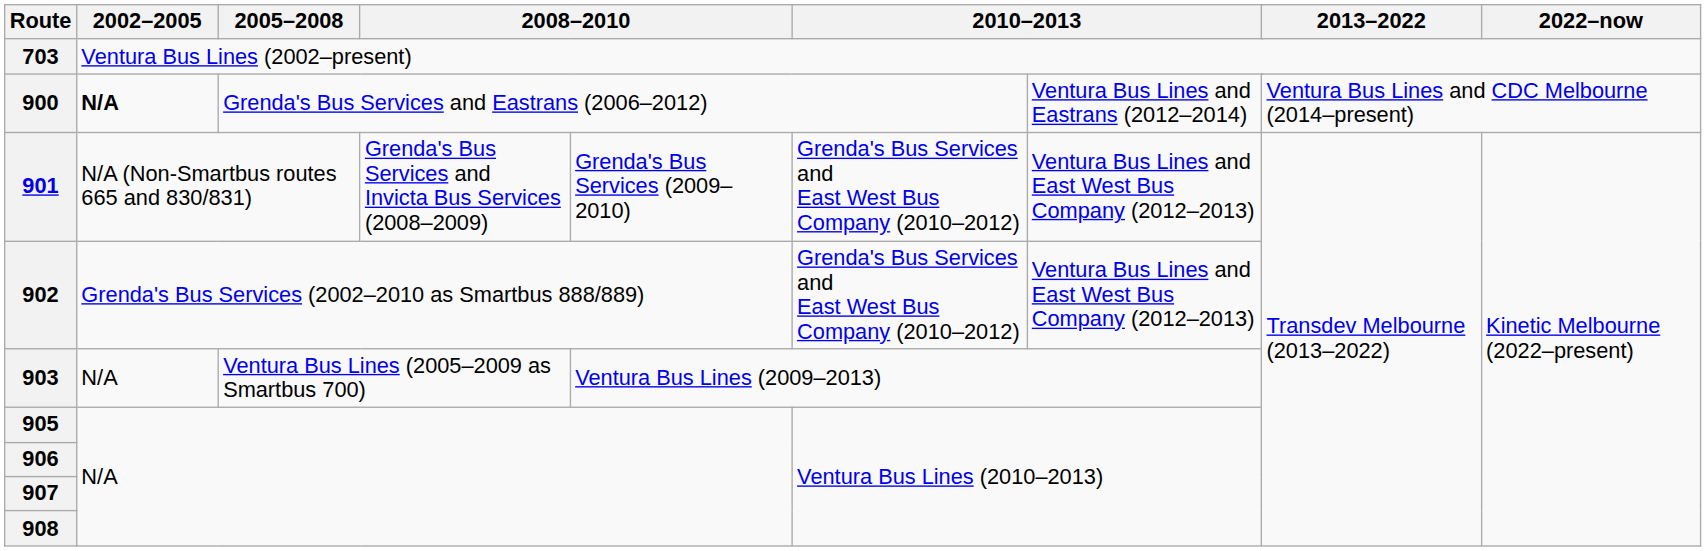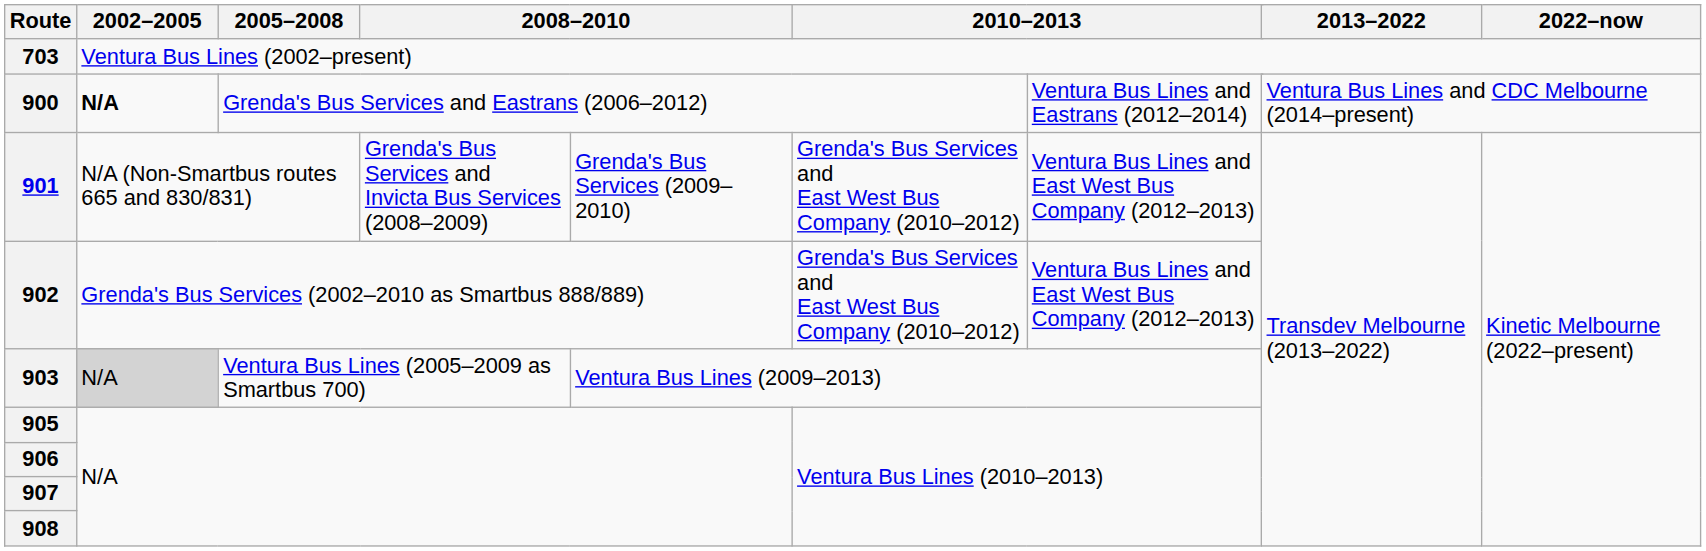 <table class="wikitable">
 <tr>
 <th>Route</th>
 <th colspan="1">2002–2005</th>
 <th>2005–2008</th>
 <th colspan="2">2008–2010</th>
 <th colspan="4">2010–2013</th>
 <th colspan="1">2013–2022</th>
 <th colspan="1">2022–now</th>
 </tr>
 <tr>
 <th>703</th>
 <td colspan="10"><a href='#'>Ventura Bus Lines</a> (2002–present)</td>
 </tr>
 <tr>
 <th>900</th>
 <td colspan="1"><strong>N/A</strong></td>
 <td colspan="4"><a href='#'>Grenda's Bus Services</a> and <a href='#'>Eastrans</a> (2006–2012)</td>
 <td colspan="2"><a href='#'>Ventura Bus Lines</a> and<br><a href='#'>Eastrans</a> (2012–2014)</td>
 <td colspan="3"><a href='#'>Ventura Bus Lines</a> and <a href='#'>CDC Melbourne</a> (2014–present)</td>
 </tr>
 <tr>
 <th><a href='#'>901</a></th>
 <td colspan="2">N/A (Non-Smartbus routes 665 and 830/831)</td>
 <td colspan="1"><a href='#'>Grenda's Bus Services</a> and<br><a href='#'>Invicta Bus Services</a> (2008–2009)</td>
 <td colspan="1"><a href='#'>Grenda's Bus Services</a> (2009–2010)</td>
 <td colspan="1"><a href='#'>Grenda's Bus Services</a> and<br><a href='#'>East West Bus Company</a> (2010–2012)</td>
 <td colspan="1"><a href='#'>Ventura Bus Lines</a> and<br><a href='#'>East West Bus Company</a> (2012–2013)</td>
 <td colspan="3" rowspan="7"><a href='#'>Transdev Melbourne</a> (2013–2022)</td>
 <td colspan="1" rowspan="7"><a href='#'>Kinetic Melbourne</a> (2022–present)</td>
 </tr>
 <tr>
 <th>902</th>
 <td colspan="4"><a href='#'>Grenda's Bus Services</a> (2002–2010 as Smartbus 888/889)</td>
 <td colspan="1"><a href='#'>Grenda's Bus Services</a> and<br><a href='#'>East West Bus Company</a> (2010–2012)</td>
 <td colspan="1"><a href='#'>Ventura Bus Lines</a> and<br><a href='#'>East West Bus Company</a> (2012–2013)</td>
 </tr>
 <tr>
 <th>903</th>
-<td colspan="1">N/A</td>
+<td colspan="1" style="background: lightgrey;">N/A</td>
 <td colspan="2"><a href='#'>Ventura Bus Lines</a> (2005–2009 as Smartbus 700)</td>
 <td colspan="3"><a href='#'>Ventura Bus Lines</a> (2009–2013)</td>
 </tr>
 <tr>
 <th>905</th>
 <td colspan="4" rowspan="4">N/A</td>
 <td colspan="2" rowspan="4"><a href='#'>Ventura Bus Lines</a> (2010–2013)</td>
 </tr>
 <tr>
 <th>906</th>
 </tr>
 <tr>
 <th>907</th>
 </tr>
 <tr>
 <th>908</th>
 </tr>
 </table>
